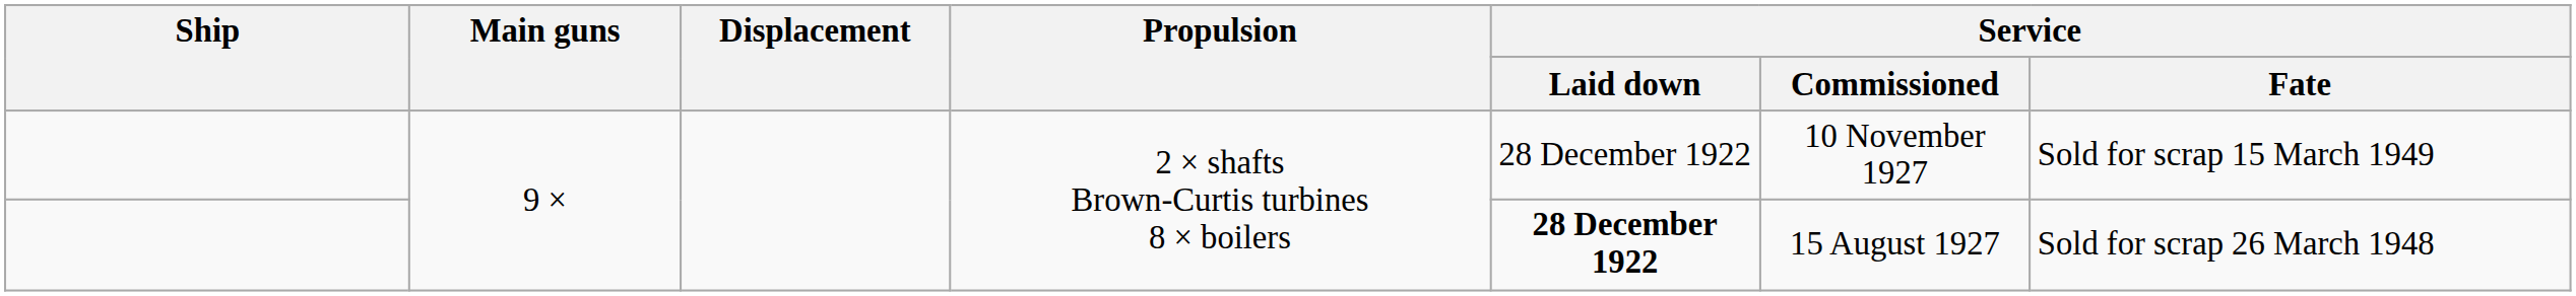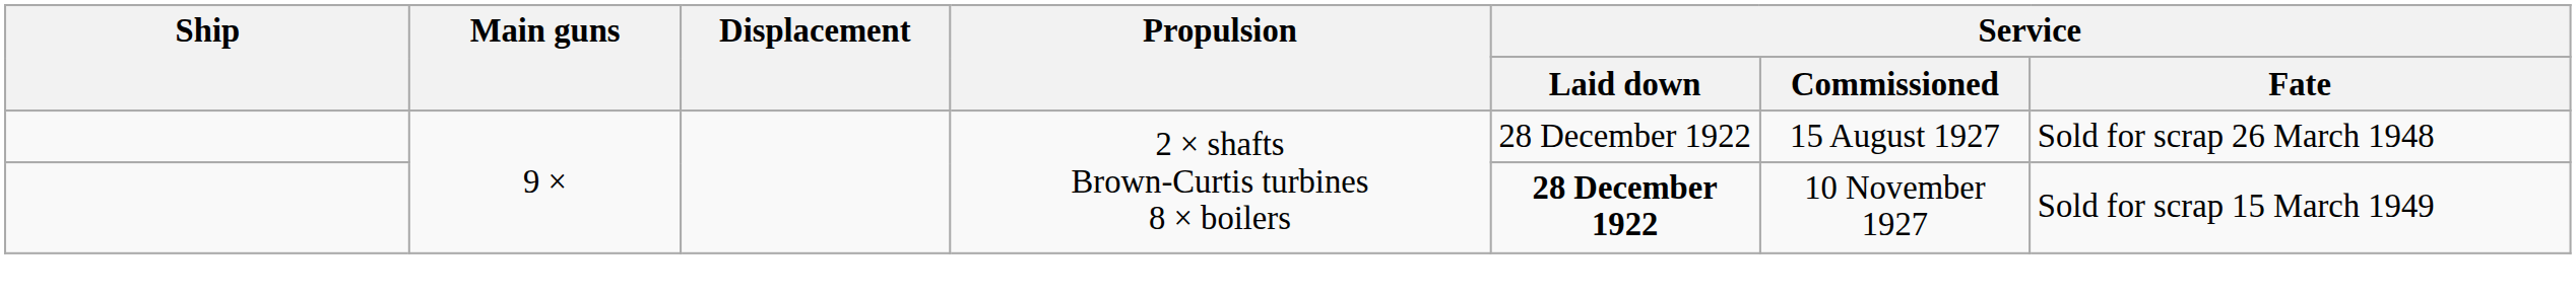 <table class="wikitable" style="width:98%;">
 <tr valign="top"|- valign="top">
 <th style="width:15%; text-align:center;" rowspan="2">Ship</th>
 <th style="width:10%; text-align:center;" rowspan="2">Main guns</th>
 <th style="width:10%; text-align:center;" rowspan="2">Displacement</th>
 <th style="width:20%; text-align:center;" rowspan="2">Propulsion</th>
 <th style="width:40%; text-align:center;" colspan="3">Service</th>
 </tr>
 <tr valign="top">
 <th style="width:10%; text-align:center;">Laid down</th>
 <th style="width:10%; text-align:center;">Commissioned</th>
 <th style="width:20%; text-align:center;">Fate</th>
 </tr>
 <tr valign="center">
 <td align= center></td>
 <td style="text-align:center;" rowspan=2>9 × </td>
 <td style="text-align:center;" rowspan=2></td>
 <td align= center rowspan=2>2 × shafts<br>Brown-Curtis turbines<br>8 × boilers</td>
 <td style="text-align:center;">28 December 1922</td>
-<td style="text-align:center;">10 November 1927</td>
-<td align= left>Sold for scrap 15 March 1949</td>
+<td style="text-align:center;">15 August 1927</td>
+<td align= left>Sold for scrap 26 March 1948</td>
 </tr>
 <tr valign="center">
 <td align= center></td>
 <td style="text-align:center;"><strong>28 December 1922</strong></td>
-<td style="text-align:center;">15 August 1927</td>
-<td align= left>Sold for scrap 26 March 1948</td>
+<td style="text-align:center;">10 November 1927</td>
+<td align= left>Sold for scrap 15 March 1949</td>
 </tr>
 </table>
